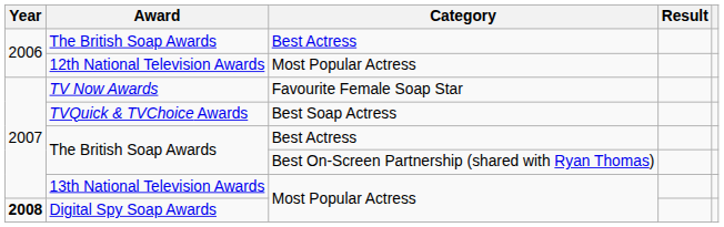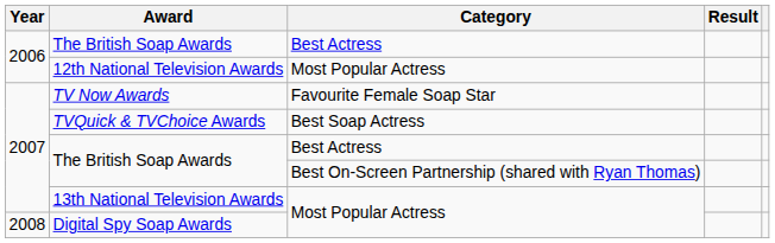 <table class="wikitable sortable">
 <tr>
 <th>Year</th>
 <th>Award</th>
 <th>Category</th>
 <th>Result</th>
 <th scope=col class=unsortable></th>
 </tr>
 <tr>
 <td rowspan="2">2006</td>
 <td><a href='#'>The British Soap Awards</a></td>
 <td><a href='#'>Best Actress</a></td>
 <td></td>
 <td align="center"></td>
 </tr>
 <tr>
 <td><a href='#'>12th National Television Awards</a></td>
 <td>Most Popular Actress</td>
 <td></td>
 <td align="center"></td>
 </tr>
 <tr>
 <td rowspan="5">2007</td>
 <td><em><a href='#'>TV Now Awards</a></em></td>
 <td>Favourite Female Soap Star</td>
 <td></td>
 <td align="center"></td>
 </tr>
 <tr>
 <td><a href='#'><em>TVQuick & TVChoice</em> Awards</a></td>
 <td>Best Soap Actress</td>
 <td></td>
 <td align="center"></td>
 </tr>
 <tr>
 <td rowspan="2">The British Soap Awards</td>
 <td>Best Actress</td>
 <td></td>
 <td align="center"></td>
 </tr>
 <tr>
 <td>Best On-Screen Partnership (shared with <a href='#'>Ryan Thomas</a>)</td>
 <td></td>
 <td align="center"></td>
 </tr>
 <tr>
 <td><a href='#'>13th National Television Awards</a></td>
 <td rowspan="2">Most Popular Actress</td>
 <td></td>
 <td align="center"></td>
 </tr>
 <tr>
-<td><strong>2008</strong></td>
+<td>2008</td>
 <td><a href='#'>Digital Spy Soap Awards</a></td>
 <td></td>
 <td align="center"></td>
 </tr>
 </table>
